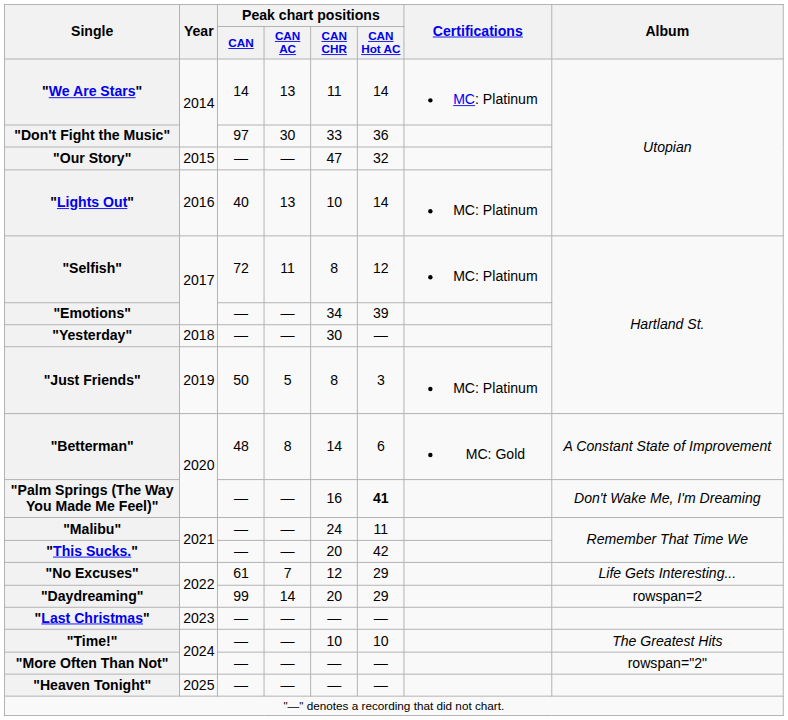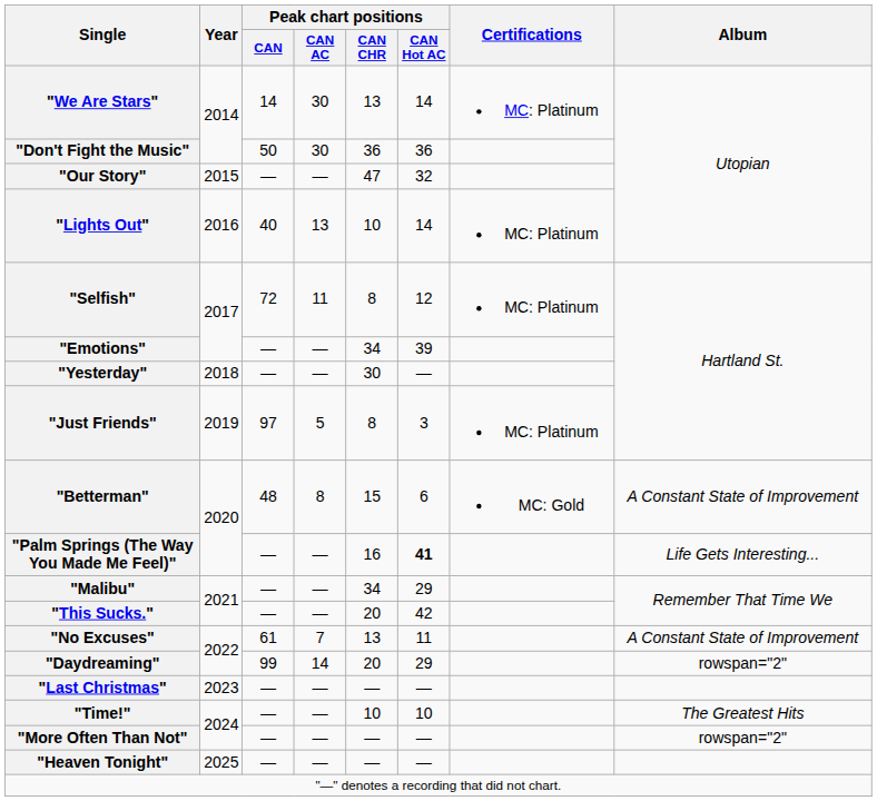 <table class="wikitable plainrowheaders" style="text-align:center;">
 <tr>
 <th rowspan="2" style="width:12em;">Single</th>
 <th rowspan="2" style="width:1em;">Year</th>
 <th colspan="4">Peak chart positions</th>
 <th rowspan="2" style="width:10em;"><a href='#'>Certifications</a></th>
 <th rowspan="2" style="width:16em;">Album</th>
 </tr>
 <tr style="font-size:smaller;">
 <th style="width:3.5em;"><a href='#'>CAN</a><br></th>
 <th style="width:3.5em;"><a href='#'>CAN<br>AC</a><br></th>
 <th style="width:3.5em;"><a href='#'>CAN CHR</a><br></th>
 <th style="width:3.5em;"><a href='#'>CAN<br>Hot AC</a><br></th>
 </tr>
 <tr>
 <th scope="row">"<a href='#'>We Are Stars</a>"<br></th>
 <td rowspan="2">2014</td>
 <td>14</td>
+<td>30</td>
 <td>13</td>
-<td>11</td>
 <td>14</td>
 <td><br><ul><li><a href='#'>MC</a>: Platinum</li></ul></td>
 <td rowspan="4"><em>Utopian</em></td>
 </tr>
 <tr>
 <th scope="row">"Don't Fight the Music"</th>
-<td>97</td>
+<td>50</td>
 <td>30</td>
-<td>33</td>
+<td>36</td>
 <td>36</td>
 <td></td>
 </tr>
 <tr>
 <th scope="row">"Our Story"</th>
 <td>2015</td>
 <td>—</td>
 <td>—</td>
 <td>47</td>
 <td>32</td>
 <td></td>
 </tr>
 <tr>
 <th scope="row">"<a href='#'>Lights Out</a>"</th>
 <td>2016</td>
 <td>40</td>
 <td>13</td>
 <td>10</td>
 <td>14</td>
 <td><br><ul><li>MC: Platinum</li></ul></td>
 </tr>
 <tr>
 <th scope="row">"Selfish"</th>
 <td rowspan="2">2017</td>
 <td>72</td>
 <td>11</td>
 <td>8</td>
 <td>12</td>
 <td><br><ul><li>MC: Platinum</li></ul></td>
 <td rowspan=4><em>Hartland St.</em></td>
 </tr>
 <tr>
 <th scope="row">"Emotions"</th>
 <td>—</td>
 <td>—</td>
 <td>34</td>
 <td>39</td>
 <td></td>
 </tr>
 <tr>
 <th scope="row">"Yesterday"</th>
 <td>2018</td>
 <td>—</td>
 <td>—</td>
 <td>30</td>
 <td>—</td>
 <td></td>
 </tr>
 <tr>
 <th scope="row">"Just Friends"</th>
 <td>2019</td>
-<td>50</td>
+<td>97</td>
 <td>5</td>
 <td>8</td>
 <td>3</td>
 <td><br><ul><li>MC: Platinum</li></ul></td>
 </tr>
 <tr>
 <th scope="row">"Betterman"</th>
 <td rowspan="2">2020</td>
 <td>48</td>
 <td>8</td>
-<td>14</td>
+<td>15</td>
 <td>6</td>
 <td><br><ul><li>MC: Gold</li></ul></td>
 <td><em>A Constant State of Improvement</em></td>
 </tr>
 <tr>
 <th scope="row">"Palm Springs (The Way You Made Me Feel)"</th>
 <td>—</td>
 <td>—</td>
 <td>16</td>
 <td><strong>41</strong></td>
 <td></td>
-<td><em>Don't Wake Me, I'm Dreaming</em></td>
+<td><em>Life Gets Interesting...</em></td>
 </tr>
 <tr>
 <th scope="row">"Malibu"<br></th>
 <td rowspan="2">2021</td>
 <td>—</td>
 <td>—</td>
-<td>24</td>
-<td>11</td>
+<td>34</td>
+<td>29</td>
 <td></td>
 <td rowspan="2"><em>Remember That Time We</em></td>
 </tr>
 <tr>
 <th scope="row">"<a href='#'>This Sucks.</a>"<br></th>
 <td>—</td>
 <td>—</td>
 <td>20</td>
 <td>42</td>
 <td></td>
 </tr>
 <tr>
 <th scope="row">"No Excuses"</th>
 <td rowspan="2">2022</td>
 <td>61</td>
 <td>7</td>
-<td>12</td>
-<td>29</td>
+<td>13</td>
+<td>11</td>
 <td></td>
-<td><em>Life Gets Interesting...</em></td>
+<td><em>A Constant State of Improvement</em></td>
 </tr>
 <tr>
 <th scope="row">"Daydreaming"<br></th>
 <td>99</td>
 <td>14</td>
 <td>20</td>
 <td>29</td>
 <td></td>
-<td>rowspan=2 </td>
+<td>rowspan="2" </td>
 </tr>
 <tr>
 <th scope="row">"<a href='#'>Last Christmas</a>"<br> </th>
 <td>2023</td>
 <td>—</td>
 <td>—</td>
 <td>—</td>
 <td>—</td>
 <td></td>
 </tr>
 <tr>
 <th scope="row">"Time!"</th>
 <td rowspan="2">2024</td>
 <td>—</td>
 <td>—</td>
 <td>10</td>
 <td>10</td>
 <td></td>
 <td><em>The Greatest Hits</em></td>
 </tr>
 <tr>
 <th scope="row">"More Often Than Not"</th>
 <td>—</td>
 <td>—</td>
 <td>—</td>
 <td>—</td>
 <td></td>
 <td>rowspan="2" </td>
 </tr>
 <tr>
 <th scope="row">"Heaven Tonight"</th>
 <td>2025</td>
 <td>—</td>
 <td>—</td>
 <td>—</td>
 <td>—</td>
 <td></td>
 </tr>
 <tr>
 <td colspan="8" style="font-size:smaller;">"—" denotes a recording that did not chart.</td>
 </tr>
 </table>
